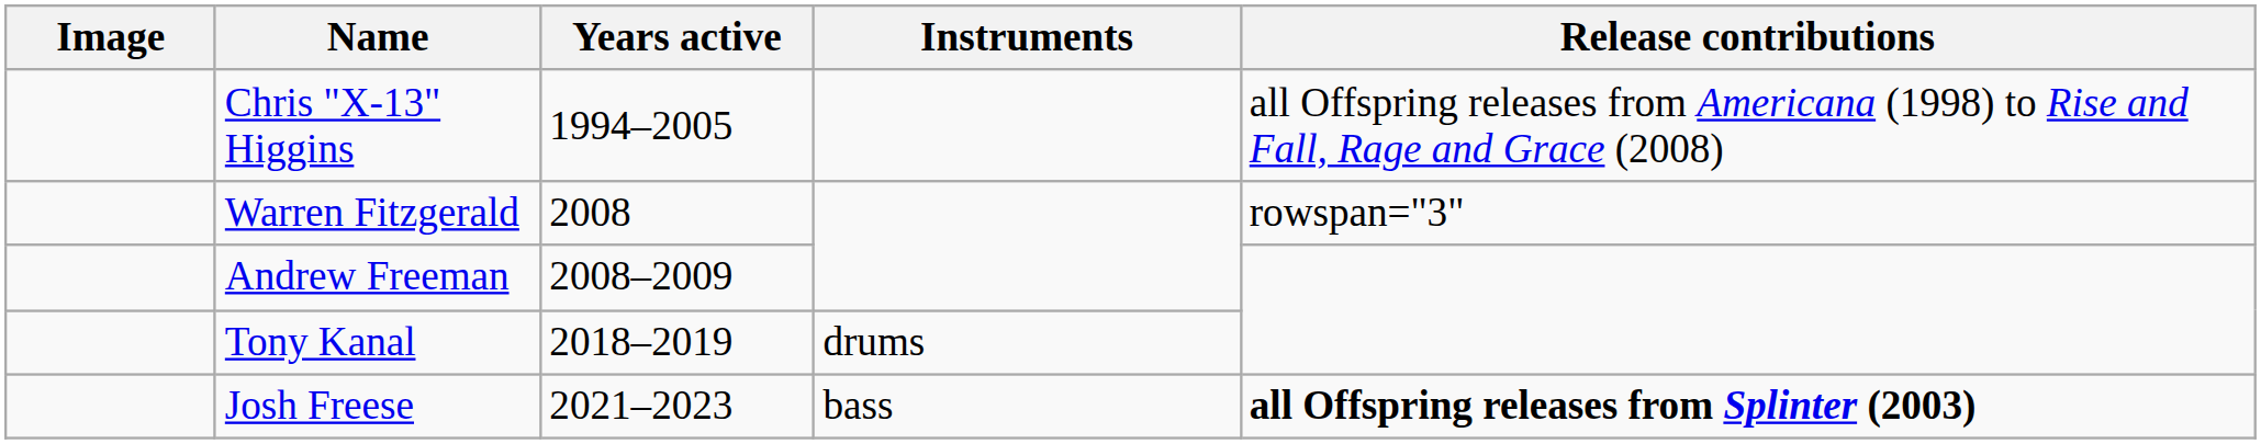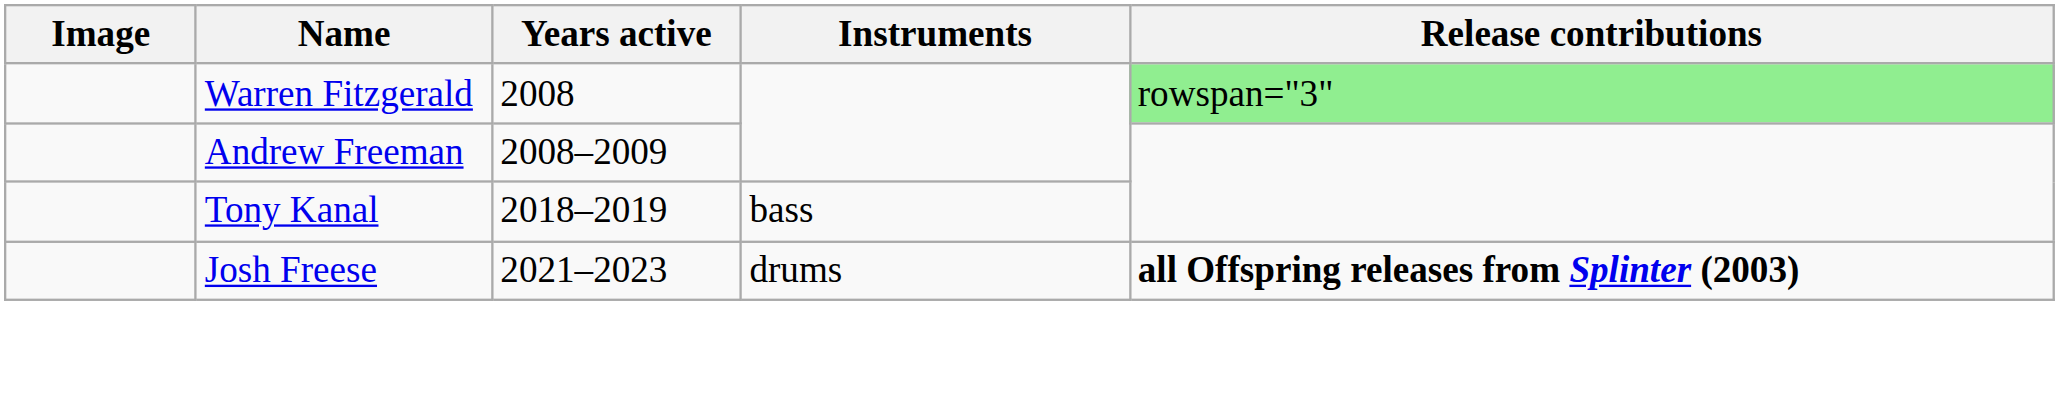 <table class="wikitable" width="100%" border="1">
 <tr>
 <th width="75">Image</th>
 <th width="120">Name</th>
 <th width="100">Years active</th>
 <th width="160">Instruments</th>
 <th>Release contributions</th>
 </tr>
 <tr>
 <td></td>
-<td><a href='#'>Chris "X-13" Higgins</a></td>
-<td>1994–2005</td>
-<td></td>
-<td>all Offspring releases from <em><a href='#'>Americana</a></em> (1998) to <em><a href='#'>Rise and Fall, Rage and Grace</a></em> (2008)</td>
-</tr>
-<tr>
-<td></td>
 <td><a href='#'>Warren Fitzgerald</a></td>
 <td>2008</td>
 <td rowspan="2"></td>
-<td>rowspan="3" </td>
+<td style="background: lightgreen;">rowspan="3" </td>
 </tr>
 <tr>
 <td></td>
 <td><a href='#'>Andrew Freeman</a></td>
 <td>2008–2009</td>
 </tr>
 <tr>
 <td></td>
 <td><a href='#'>Tony Kanal</a></td>
 <td>2018–2019</td>
-<td>drums</td>
+<td>bass</td>
 </tr>
 <tr>
 <td></td>
 <td><a href='#'>Josh Freese</a></td>
 <td>2021–2023 </td>
-<td>bass</td>
+<td>drums</td>
 <td><strong>all Offspring releases from <em><a href='#'>Splinter</a></em> (2003)</strong></td>
 </tr>
 </table>
